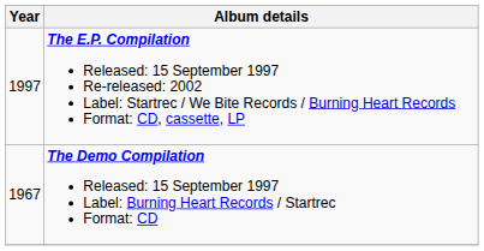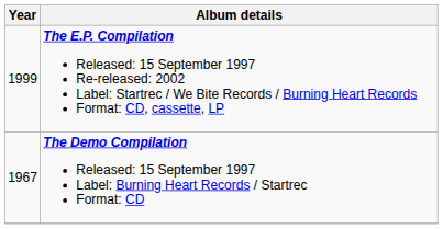 <table class="wikitable" border="1">
 <tr>
 <th rowspan="1">Year</th>
 <th rowspan="1" width="475">Album details</th>
 </tr>
 <tr>
-<td>1997</td>
+<td>1999</td>
 <td align="left"><strong><em><a href='#'>The E.P. Compilation</a></em></strong><br><ul><li>Released: 15 September 1997</li><li>Re-released: 2002</li><li>Label: Startrec / We Bite Records / <a href='#'>Burning Heart Records</a></li><li>Format: <a href='#'>CD</a>, <a href='#'>cassette</a>, <a href='#'>LP</a></li></ul></td>
 </tr>
 <tr>
 <td>1967</td>
 <td align="left"><strong><em><a href='#'>The Demo Compilation</a></em></strong><br><ul><li>Released: 15 September 1997</li><li>Label: <a href='#'>Burning Heart Records</a> / Startrec</li><li>Format: <a href='#'>CD</a></li></ul></td>
 </tr>
 <tr>
 </tr>
 </table>
